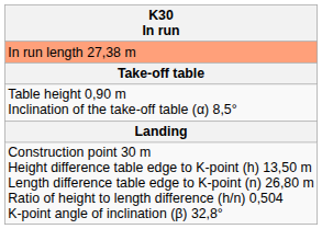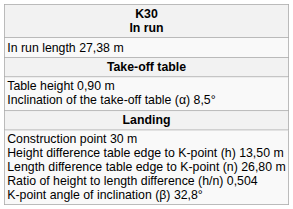 <table class="wikitable">
 <tr>
 <th>K30<br>In run</th>
 </tr>
 <tr>
-<td style="background: lightsalmon;">In run length                                                27,38 m</td>
+<td>In run length                                                27,38 m</td>
 </tr>
 <tr>
 <th><strong>Take-off table</strong></th>
 </tr>
 <tr>
 <td>Table height                                                  0,90 m<br>Inclination of the take-off table (α)               8,5°</td>
 </tr>
 <tr>
 <th><strong>Landing</strong></th>
 </tr>
 <tr>
 <td>Construction point                                           30 m<br>Height difference table edge to K-point (h)    13,50 m<br>Length difference table edge to K-point (n)   26,80 m<br>Ratio of height to length difference (h/n)        0,504<br>K-point angle of inclination (β)                        32,8°</td>
 </tr>
 </table>
